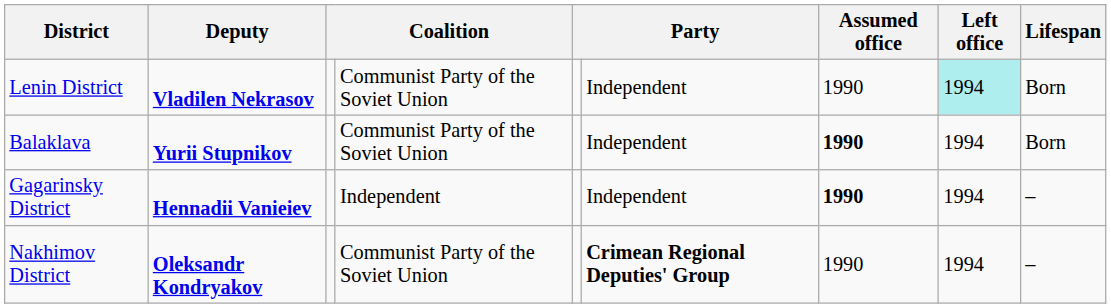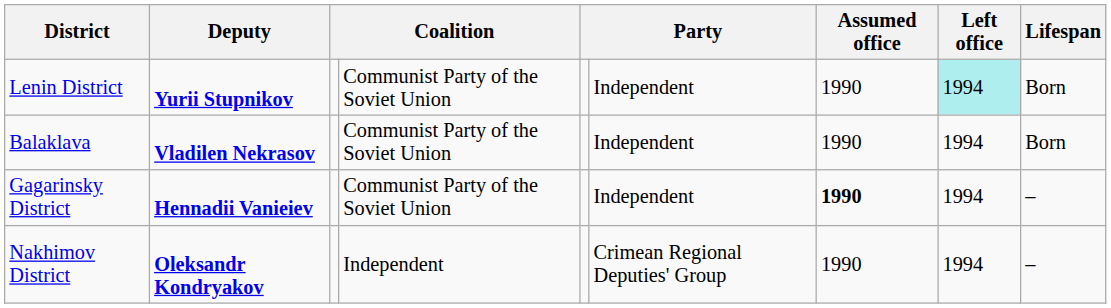 <table class="wikitable standard sortable">
 <tr>
 <th scope="col">District<br></th>
 <th scope="col">Deputy</th>
 <th scope="col" colspan=2>Coalition</th>
 <th scope="col" colspan=2>Party</th>
 <th scope="col">Assumed office</th>
 <th scope="col">Left office</th>
 <th scope="col">Lifespan</th>
 </tr>
 <tr>
 <td><a href='#'>Lenin District</a><br></td>
-<td data-sort-value="Nekrasov, Vladilen"><br><strong><a href='#'>Vladilen Nekrasov</a></strong></td>
+<td data-sort-value="Stupnikov, Yurii"><br><strong><a href='#'>Yurii Stupnikov</a></strong></td>
 <td style="background-color:"></td>
 <td>Communist Party of the Soviet Union</td>
 <td style="background-color:"></td>
 <td>Independent</td>
 <td>1990</td>
 <td style="background: paleturquoise;">1994</td>
 <td>Born </td>
 </tr>
 <tr>
 <td><a href='#'>Balaklava</a><br></td>
-<td data-sort-value="Stupnikov, Yurii"><br><strong><a href='#'>Yurii Stupnikov</a></strong></td>
+<td data-sort-value="Nekrasov, Vladilen"><br><strong><a href='#'>Vladilen Nekrasov</a></strong></td>
 <td style="background-color:"></td>
 <td>Communist Party of the Soviet Union</td>
 <td style="background-color:"></td>
 <td>Independent</td>
-<td><strong>1990</strong></td>
+<td>1990</td>
 <td>1994</td>
 <td>Born </td>
 </tr>
 <tr>
 <td><a href='#'>Gagarinsky District</a><br></td>
 <td data-sort-value="Vanieiev, Hennadii"><br><strong><a href='#'>Hennadii Vanieiev</a></strong></td>
 <td style="background-color:"></td>
-<td>Independent</td>
+<td>Communist Party of the Soviet Union</td>
 <td style="background-color:"></td>
 <td>Independent</td>
 <td><strong>1990</strong></td>
 <td>1994</td>
 <td> – </td>
 </tr>
 <tr>
 <td><a href='#'>Nakhimov District</a><br></td>
 <td data-sort-value="Kondryakov, Oleksandr"><br><strong><a href='#'>Oleksandr Kondryakov</a></strong></td>
 <td style="background-color:"></td>
-<td>Communist Party of the Soviet Union</td>
+<td>Independent</td>
 <td style="background-color:"></td>
-<td><strong>Crimean Regional Deputies' Group</strong></td>
+<td>Crimean Regional Deputies' Group</td>
 <td>1990</td>
 <td>1994</td>
 <td> – </td>
 </tr>
 </table>
